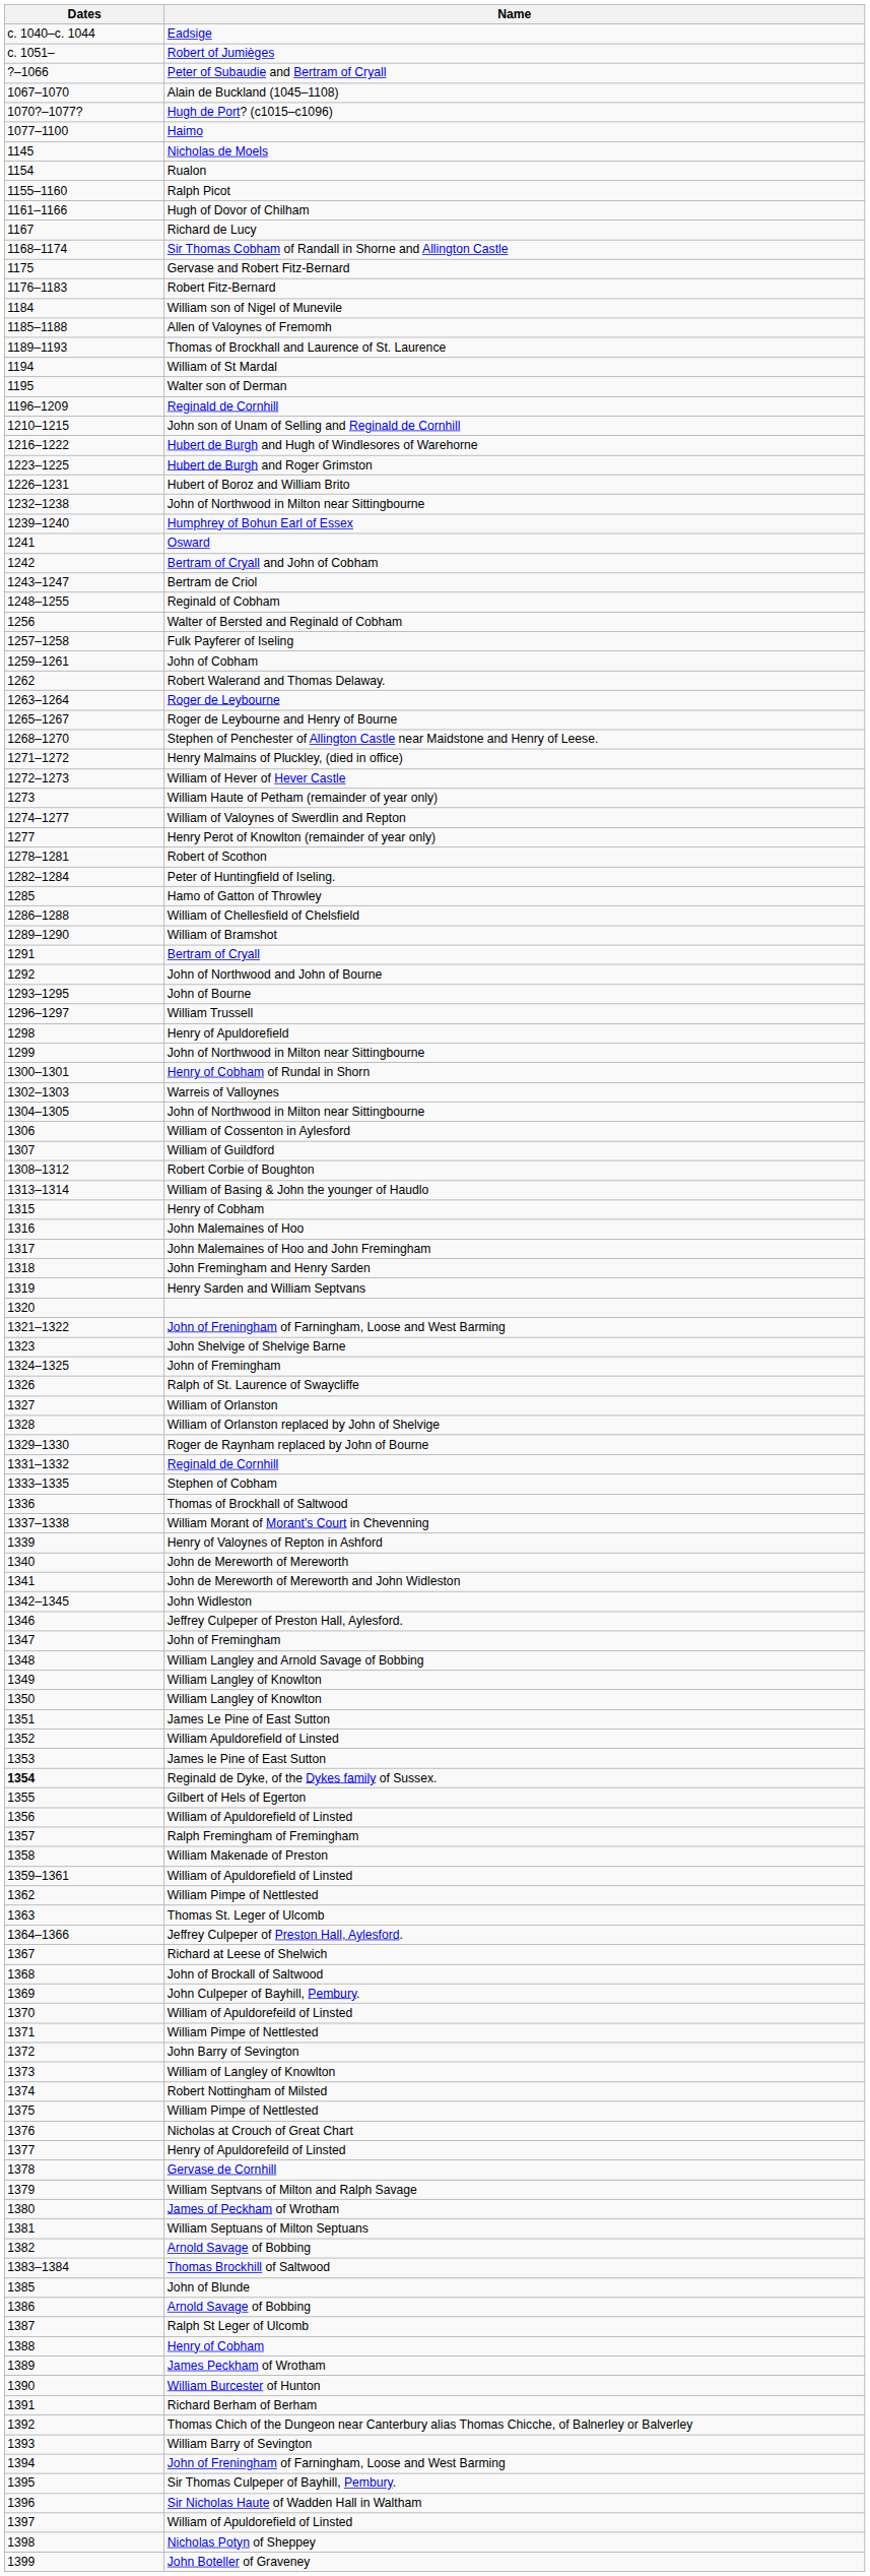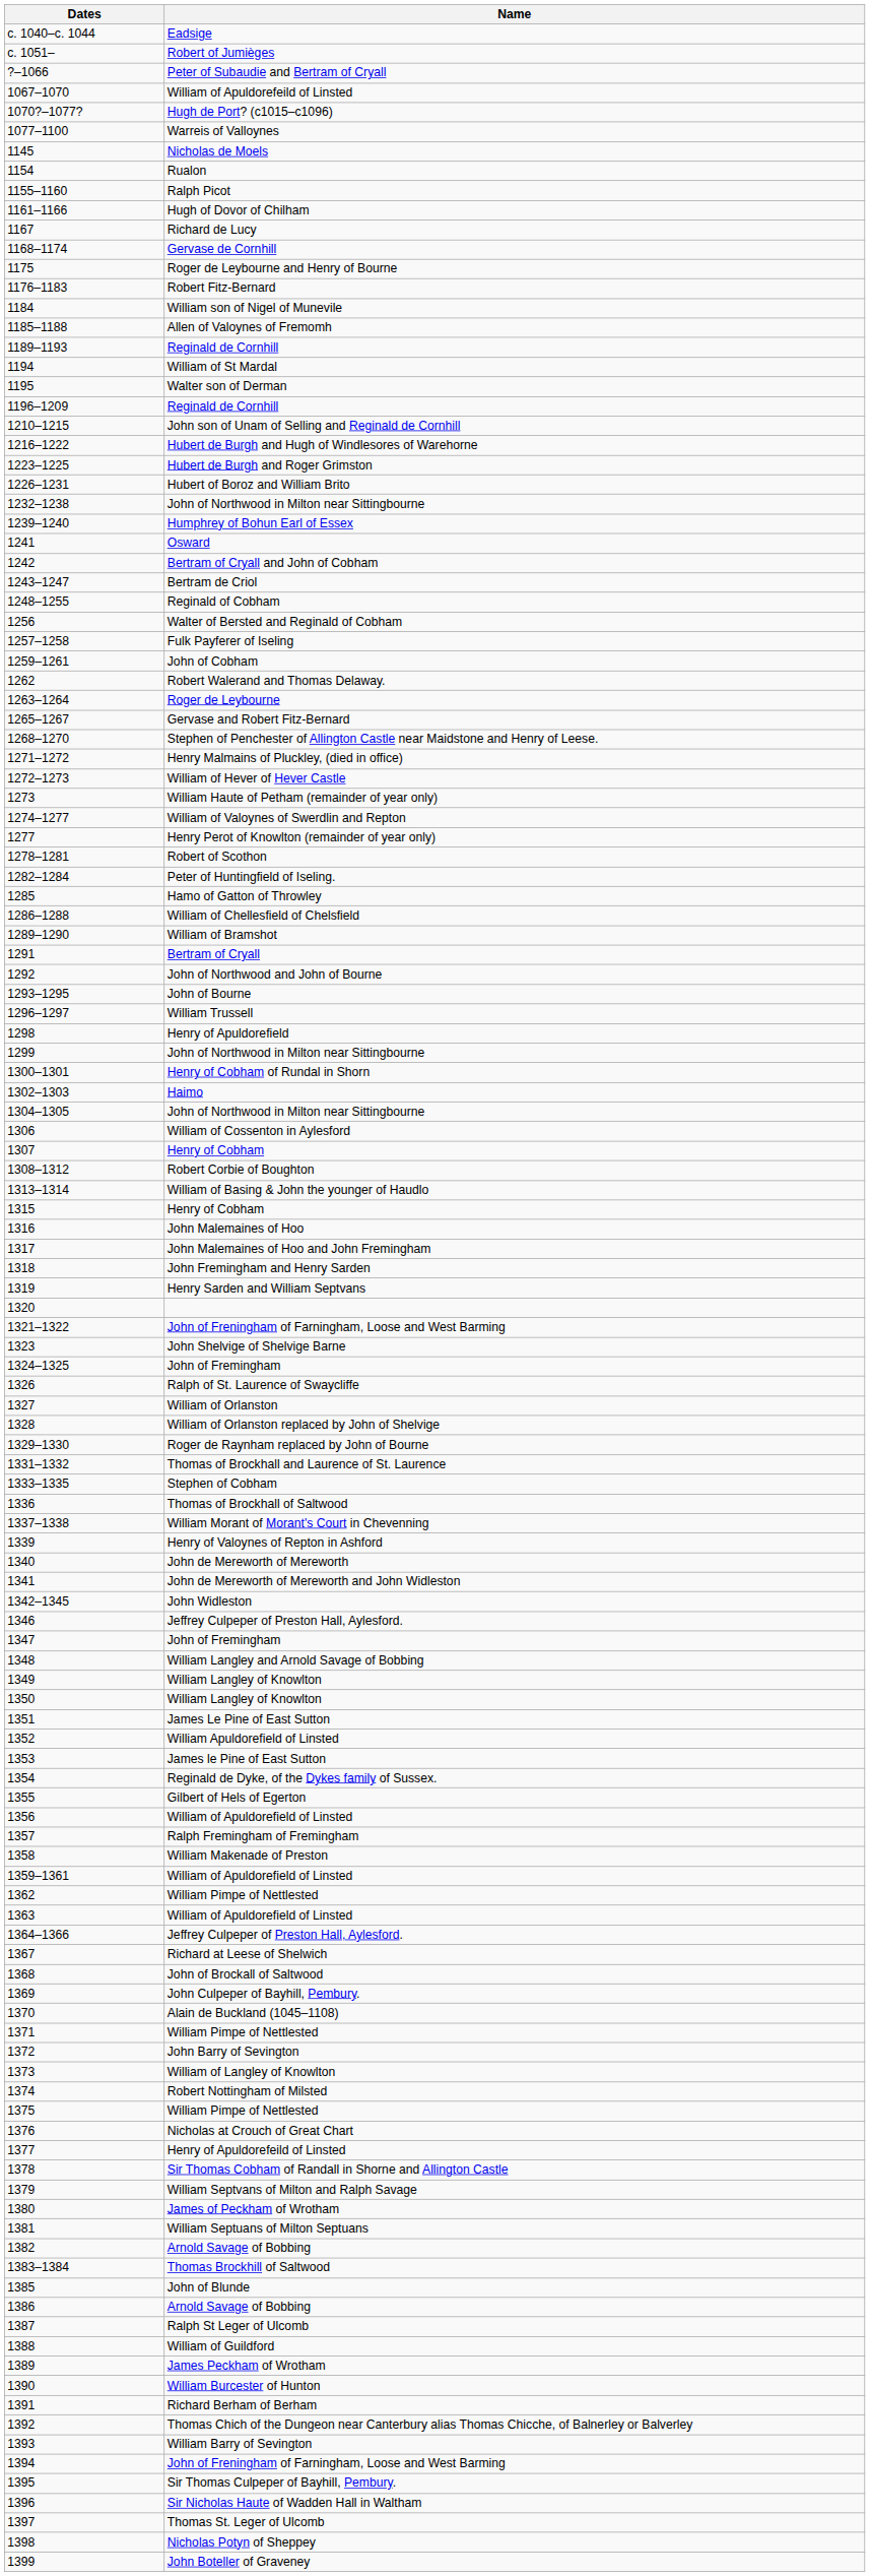 <table class="wikitable">
 <tr>
 <th width="200">Dates</th>
 <th width="900">Name</th>
 </tr>
 <tr>
 <td>c. 1040–c. 1044</td>
 <td><a href='#'>Eadsige</a></td>
 </tr>
 <tr>
 <td>c. 1051–</td>
 <td><a href='#'>Robert of Jumièges</a></td>
 </tr>
 <tr>
 <td>?–1066</td>
 <td><a href='#'>Peter of Subaudie</a> and <a href='#'>Bertram of Cryall</a></td>
 </tr>
 <tr>
 <td>1067–1070</td>
-<td>Alain de Buckland (1045–1108)</td>
+<td>William of Apuldorefeild of Linsted</td>
 </tr>
 <tr>
 <td>1070?–1077?</td>
 <td><a href='#'>Hugh de Port</a>? (c1015–c1096)</td>
 </tr>
 <tr>
 <td>1077–1100</td>
-<td><a href='#'>Haimo</a></td>
+<td>Warreis of Valloynes</td>
 </tr>
 <tr>
 <td>1145</td>
 <td><a href='#'>Nicholas de Moels</a></td>
 </tr>
 <tr>
 <td>1154</td>
 <td>Rualon</td>
 </tr>
 <tr>
 <td>1155–1160</td>
 <td>Ralph Picot</td>
 </tr>
 <tr>
 <td>1161–1166</td>
 <td>Hugh of Dovor of Chilham</td>
 </tr>
 <tr>
 <td>1167</td>
 <td>Richard de Lucy</td>
 </tr>
 <tr>
 <td>1168–1174</td>
-<td><a href='#'>Sir Thomas Cobham</a> of Randall in Shorne and <a href='#'>Allington Castle</a></td>
+<td><a href='#'>Gervase de Cornhill</a></td>
 </tr>
 <tr>
 <td>1175</td>
-<td>Gervase and Robert Fitz-Bernard</td>
+<td>Roger de Leybourne and Henry of Bourne</td>
 </tr>
 <tr>
 <td>1176–1183</td>
 <td>Robert Fitz-Bernard</td>
 </tr>
 <tr>
 <td>1184</td>
 <td>William son of Nigel of Munevile</td>
 </tr>
 <tr>
 <td>1185–1188</td>
 <td>Allen of Valoynes of Fremomh</td>
 </tr>
 <tr>
 <td>1189–1193</td>
-<td>Thomas of Brockhall and Laurence of St. Laurence</td>
+<td><a href='#'>Reginald de Cornhill</a></td>
 </tr>
 <tr>
 <td>1194</td>
 <td>William of St Mardal</td>
 </tr>
 <tr>
 <td>1195</td>
 <td>Walter son of Derman</td>
 </tr>
 <tr>
 <td>1196–1209</td>
 <td><a href='#'>Reginald de Cornhill</a></td>
 </tr>
 <tr>
 <td>1210–1215</td>
 <td>John son of Unam of Selling and <a href='#'>Reginald de Cornhill</a></td>
 </tr>
 <tr>
 <td>1216–1222</td>
 <td><a href='#'>Hubert de Burgh</a> and Hugh of Windlesores of Warehorne</td>
 </tr>
 <tr>
 <td>1223–1225</td>
 <td><a href='#'>Hubert de Burgh</a> and Roger Grimston</td>
 </tr>
 <tr>
 <td>1226–1231</td>
 <td>Hubert of Boroz and William Brito</td>
 </tr>
 <tr>
 <td>1232–1238</td>
 <td>John of Northwood in Milton near Sittingbourne</td>
 </tr>
 <tr>
 <td>1239–1240</td>
 <td><a href='#'>Humphrey of Bohun Earl of Essex</a></td>
 </tr>
 <tr>
 <td>1241</td>
 <td><a href='#'>Osward</a></td>
 </tr>
 <tr>
 <td>1242</td>
 <td><a href='#'>Bertram of Cryall</a> and John of Cobham</td>
 </tr>
 <tr>
 <td>1243–1247</td>
 <td>Bertram de Criol</td>
 </tr>
 <tr>
 <td>1248–1255</td>
 <td>Reginald of Cobham</td>
 </tr>
 <tr>
 <td>1256</td>
 <td>Walter of Bersted and Reginald of Cobham</td>
 </tr>
 <tr>
 <td>1257–1258</td>
 <td>Fulk Payferer of Iseling</td>
 </tr>
 <tr>
 <td>1259–1261</td>
 <td>John of Cobham</td>
 </tr>
 <tr>
 <td>1262</td>
 <td>Robert Walerand and Thomas Delaway.</td>
 </tr>
 <tr>
 <td>1263–1264</td>
 <td><a href='#'>Roger de Leybourne</a></td>
 </tr>
 <tr>
 <td>1265–1267</td>
-<td>Roger de Leybourne and Henry of Bourne</td>
+<td>Gervase and Robert Fitz-Bernard</td>
 </tr>
 <tr>
 <td>1268–1270</td>
 <td>Stephen of Penchester of <a href='#'>Allington Castle</a> near Maidstone and Henry of Leese.</td>
 </tr>
 <tr>
 <td>1271–1272</td>
 <td>Henry Malmains of Pluckley, (died in office)</td>
 </tr>
 <tr>
 <td>1272–1273</td>
 <td>William of Hever of <a href='#'>Hever Castle</a></td>
 </tr>
 <tr>
 <td>1273</td>
 <td>William Haute of Petham (remainder of year only)</td>
 </tr>
 <tr>
 <td>1274–1277</td>
 <td>William of Valoynes of Swerdlin and Repton</td>
 </tr>
 <tr>
 <td>1277</td>
 <td>Henry Perot of Knowlton (remainder of year only)</td>
 </tr>
 <tr>
 <td>1278–1281</td>
 <td>Robert of Scothon</td>
 </tr>
 <tr>
 <td>1282–1284</td>
 <td>Peter of Huntingfield of Iseling.</td>
 </tr>
 <tr>
 <td>1285</td>
 <td>Hamo of Gatton of Throwley</td>
 </tr>
 <tr>
 <td>1286–1288</td>
 <td>William of Chellesfield of Chelsfield</td>
 </tr>
 <tr>
 <td>1289–1290</td>
 <td>William of Bramshot</td>
 </tr>
 <tr>
 <td>1291</td>
 <td><a href='#'>Bertram of Cryall</a></td>
 </tr>
 <tr>
 <td>1292</td>
 <td>John of Northwood and John of Bourne</td>
 </tr>
 <tr>
 <td>1293–1295</td>
 <td>John of Bourne</td>
 </tr>
 <tr>
 <td>1296–1297</td>
 <td>William Trussell</td>
 </tr>
 <tr>
 <td>1298</td>
 <td>Henry of Apuldorefield</td>
 </tr>
 <tr>
 <td>1299</td>
 <td>John of Northwood in Milton near Sittingbourne</td>
 </tr>
 <tr>
 <td>1300–1301</td>
 <td><a href='#'>Henry of Cobham</a> of Rundal in Shorn</td>
 </tr>
 <tr>
 <td>1302–1303</td>
-<td>Warreis of Valloynes</td>
+<td><a href='#'>Haimo</a></td>
 </tr>
 <tr>
 <td>1304–1305</td>
 <td>John of Northwood in Milton near Sittingbourne</td>
 </tr>
 <tr>
 <td>1306</td>
 <td>William of Cossenton in Aylesford</td>
 </tr>
 <tr>
 <td>1307</td>
-<td>William of Guildford</td>
+<td><a href='#'>Henry of Cobham</a></td>
 </tr>
 <tr>
 <td>1308–1312</td>
 <td>Robert Corbie of Boughton</td>
 </tr>
 <tr>
 <td>1313–1314</td>
 <td>William of Basing & John the younger of Haudlo</td>
 </tr>
 <tr>
 <td>1315</td>
 <td>Henry of Cobham</td>
 </tr>
 <tr>
 <td>1316</td>
 <td>John Malemaines of Hoo</td>
 </tr>
 <tr>
 <td>1317</td>
 <td>John Malemaines of Hoo and John Fremingham</td>
 </tr>
 <tr>
 <td>1318</td>
 <td>John Fremingham and Henry Sarden</td>
 </tr>
 <tr>
 <td>1319</td>
 <td>Henry Sarden and William Septvans</td>
 </tr>
 <tr>
 <td>1320</td>
 <td></td>
 </tr>
 <tr>
 <td>1321–1322</td>
 <td><a href='#'>John of Freningham</a> of Farningham, Loose and West Barming</td>
 </tr>
 <tr>
 <td>1323</td>
 <td>John Shelvige of Shelvige Barne</td>
 </tr>
 <tr>
 <td>1324–1325</td>
 <td>John of Fremingham</td>
 </tr>
 <tr>
 <td>1326</td>
 <td>Ralph of St. Laurence of Swaycliffe</td>
 </tr>
 <tr>
 <td>1327</td>
 <td>William of Orlanston</td>
 </tr>
 <tr>
 <td>1328</td>
 <td>William of Orlanston replaced by John of Shelvige</td>
 </tr>
 <tr>
 <td>1329–1330</td>
 <td>Roger de Raynham replaced by John of Bourne</td>
 </tr>
 <tr>
 <td>1331–1332</td>
-<td><a href='#'>Reginald de Cornhill</a></td>
+<td>Thomas of Brockhall and Laurence of St. Laurence</td>
 </tr>
 <tr>
 <td>1333–1335</td>
 <td>Stephen of Cobham</td>
 </tr>
 <tr>
 <td>1336</td>
 <td>Thomas of Brockhall of Saltwood</td>
 </tr>
 <tr>
 <td>1337–1338</td>
 <td>William Morant of <a href='#'>Morant's Court</a> in Chevenning</td>
 </tr>
 <tr>
 <td>1339</td>
 <td>Henry of Valoynes of Repton in Ashford</td>
 </tr>
 <tr>
 <td>1340</td>
 <td>John de Mereworth of Mereworth</td>
 </tr>
 <tr>
 <td>1341</td>
 <td>John de Mereworth of Mereworth and John Widleston</td>
 </tr>
 <tr>
 <td>1342–1345</td>
 <td>John Widleston</td>
 </tr>
 <tr>
 <td>1346</td>
 <td>Jeffrey Culpeper of Preston Hall, Aylesford.</td>
 </tr>
 <tr>
 <td>1347</td>
 <td>John of Fremingham</td>
 </tr>
 <tr>
 <td>1348</td>
 <td>William Langley and Arnold Savage of Bobbing</td>
 </tr>
 <tr>
 <td>1349</td>
 <td>William Langley of Knowlton</td>
 </tr>
 <tr>
 <td>1350</td>
 <td>William Langley of Knowlton</td>
 </tr>
 <tr>
 <td>1351</td>
 <td>James Le Pine of East Sutton</td>
 </tr>
 <tr>
 <td>1352</td>
 <td>William Apuldorefield of Linsted</td>
 </tr>
 <tr>
 <td>1353</td>
 <td>James le Pine of East Sutton</td>
 </tr>
 <tr>
-<td><strong>1354</strong></td>
+<td>1354</td>
 <td>Reginald de Dyke, of the <a href='#'>Dykes family</a> of Sussex.</td>
 </tr>
 <tr>
 <td>1355</td>
 <td>Gilbert of Hels of Egerton</td>
 </tr>
 <tr>
 <td>1356</td>
 <td>William of Apuldorefield of Linsted</td>
 </tr>
 <tr>
 <td>1357</td>
 <td>Ralph Fremingham of Fremingham</td>
 </tr>
 <tr>
 <td>1358</td>
 <td>William Makenade of Preston</td>
 </tr>
 <tr>
 <td>1359–1361</td>
 <td>William of Apuldorefield of Linsted</td>
 </tr>
 <tr>
 <td>1362</td>
 <td>William Pimpe of Nettlested</td>
 </tr>
 <tr>
 <td>1363</td>
-<td>Thomas St. Leger of Ulcomb</td>
+<td>William of Apuldorefield of Linsted</td>
 </tr>
 <tr>
 <td>1364–1366</td>
 <td>Jeffrey Culpeper of <a href='#'>Preston Hall, Aylesford</a>.</td>
 </tr>
 <tr>
 <td>1367</td>
 <td>Richard at Leese of Shelwich</td>
 </tr>
 <tr>
 <td>1368</td>
 <td>John of Brockall of Saltwood</td>
 </tr>
 <tr>
 <td>1369</td>
 <td>John Culpeper of Bayhill, <a href='#'>Pembury</a>.</td>
 </tr>
 <tr>
 <td>1370</td>
-<td>William of Apuldorefeild of Linsted</td>
+<td>Alain de Buckland (1045–1108)</td>
 </tr>
 <tr>
 <td>1371</td>
 <td>William Pimpe of Nettlested</td>
 </tr>
 <tr>
 <td>1372</td>
 <td>John Barry of Sevington</td>
 </tr>
 <tr>
 <td>1373</td>
 <td>William of Langley of Knowlton</td>
 </tr>
 <tr>
 <td>1374</td>
 <td>Robert Nottingham of Milsted</td>
 </tr>
 <tr>
 <td>1375</td>
 <td>William Pimpe of Nettlested</td>
 </tr>
 <tr>
 <td>1376</td>
 <td>Nicholas at Crouch of Great Chart</td>
 </tr>
 <tr>
 <td>1377</td>
 <td>Henry of Apuldorefeild of Linsted</td>
 </tr>
 <tr>
 <td>1378</td>
-<td><a href='#'>Gervase de Cornhill</a></td>
+<td><a href='#'>Sir Thomas Cobham</a> of Randall in Shorne and <a href='#'>Allington Castle</a></td>
 </tr>
 <tr>
 <td>1379</td>
 <td>William Septvans of Milton and Ralph Savage</td>
 </tr>
 <tr>
 <td>1380</td>
 <td><a href='#'>James of Peckham</a> of Wrotham</td>
 </tr>
 <tr>
 <td>1381</td>
 <td>William Septuans of Milton Septuans</td>
 </tr>
 <tr>
 <td>1382</td>
 <td><a href='#'>Arnold Savage</a> of Bobbing</td>
 </tr>
 <tr>
 <td>1383–1384</td>
 <td><a href='#'>Thomas Brockhill</a> of Saltwood</td>
 </tr>
 <tr>
 <td>1385</td>
 <td>John of Blunde</td>
 </tr>
 <tr>
 <td>1386</td>
 <td><a href='#'>Arnold Savage</a> of Bobbing</td>
 </tr>
 <tr>
 <td>1387</td>
 <td>Ralph St Leger of Ulcomb</td>
 </tr>
 <tr>
 <td>1388</td>
-<td><a href='#'>Henry of Cobham</a></td>
+<td>William of Guildford</td>
 </tr>
 <tr>
 <td>1389</td>
 <td><a href='#'>James Peckham</a> of Wrotham</td>
 </tr>
 <tr>
 <td>1390</td>
 <td><a href='#'>William Burcester</a> of Hunton</td>
 </tr>
 <tr>
 <td>1391</td>
 <td>Richard Berham of Berham</td>
 </tr>
 <tr>
 <td>1392</td>
 <td>Thomas Chich of the Dungeon near Canterbury alias Thomas Chicche, of Balnerley or Balverley</td>
 </tr>
 <tr>
 <td>1393</td>
 <td>William Barry of Sevington</td>
 </tr>
 <tr>
 <td>1394</td>
 <td><a href='#'>John of Freningham</a> of Farningham, Loose and West Barming</td>
 </tr>
 <tr>
 <td>1395</td>
 <td>Sir Thomas Culpeper of Bayhill, <a href='#'>Pembury</a>.</td>
 </tr>
 <tr>
 <td>1396</td>
 <td><a href='#'>Sir Nicholas Haute</a> of Wadden Hall in Waltham</td>
 </tr>
 <tr>
 <td>1397</td>
-<td>William of Apuldorefield of Linsted</td>
+<td>Thomas St. Leger of Ulcomb</td>
 </tr>
 <tr>
 <td>1398</td>
 <td><a href='#'>Nicholas Potyn</a> of Sheppey</td>
 </tr>
 <tr>
 <td>1399</td>
 <td><a href='#'>John Boteller</a> of Graveney</td>
 </tr>
 </table>
